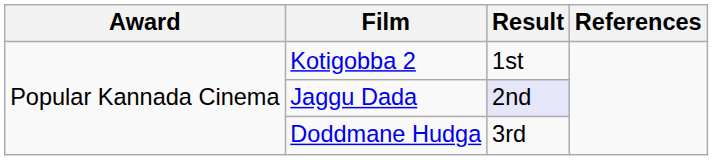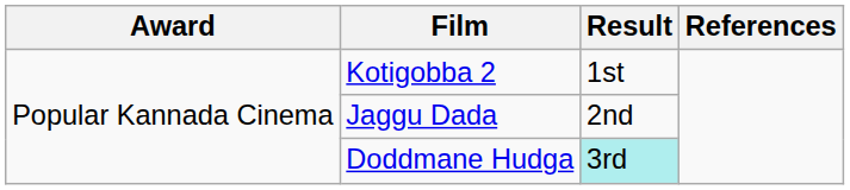 <table class="wikitable sortable">
 <tr>
 <th>Award</th>
 <th>Film</th>
 <th>Result</th>
 <th class=unsortable>References</th>
 </tr>
 <tr>
 <td align="center" Rowspan="3">Popular Kannada Cinema</td>
 <td><a href='#'>Kotigobba 2</a></td>
 <td>1st</td>
 <td align="center" Rowspan="3"></td>
 </tr>
 <tr>
 <td><a href='#'>Jaggu Dada</a></td>
-<td style="background: lavender;">2nd</td>
+<td>2nd</td>
 </tr>
 <tr>
 <td><a href='#'>Doddmane Hudga</a></td>
-<td>3rd</td>
+<td style="background: paleturquoise;">3rd</td>
 </tr>
 </table>
